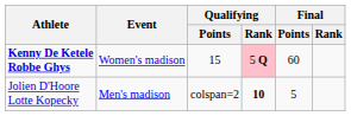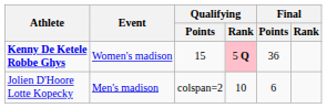 <table class="wikitable" style="font-size:90%">
 <tr>
 <th rowspan=2>Athlete</th>
 <th rowspan=2>Event</th>
 <th colspan=2>Qualifying</th>
 <th colspan=2>Final</th>
 </tr>
 <tr>
 <th>Points</th>
 <th>Rank</th>
 <th>Points</th>
 <th>Rank</th>
 </tr>
 <tr align=center>
 <td align=left><strong><a href='#'>Kenny De Ketele</a><br><a href='#'>Robbe Ghys</a></strong></td>
 <td align=left><a href='#'>Women's madison</a></td>
 <td>15</td>
 <td style="background: pink;">5 <strong>Q</strong></td>
-<td>60</td>
+<td>36</td>
 <td></td>
 </tr>
 <tr align=center>
 <td align=left><a href='#'>Jolien D'Hoore</a><br><a href='#'>Lotte Kopecky</a></td>
 <td align=left><a href='#'>Men's madison</a></td>
 <td>colspan=2</td>
-<td><strong>10</strong></td>
-<td>5</td>
+<td>10</td>
+<td>6</td>
 </tr>
 </table>
